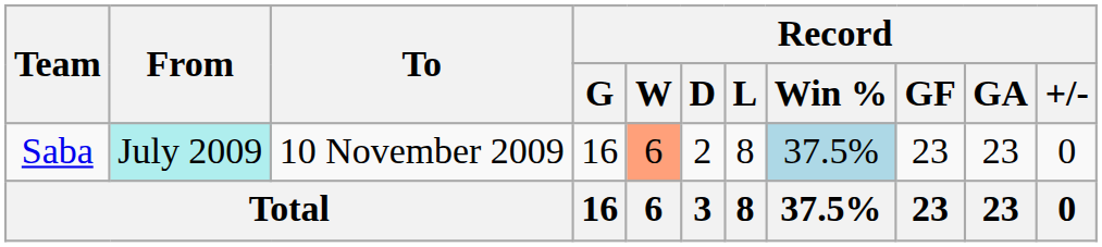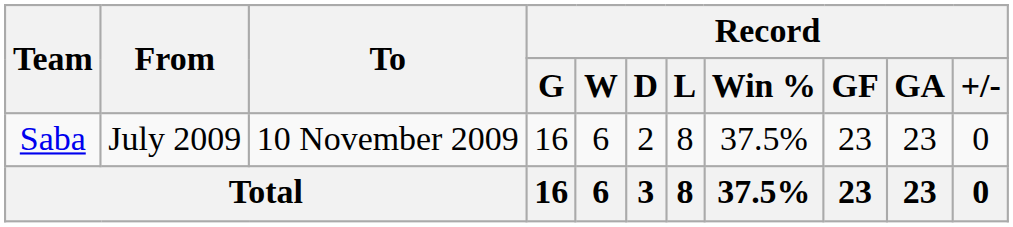 <table class="wikitable" style="text-align: center">
 <tr>
 <th rowspan="2">Team</th>
 <th rowspan="2">From</th>
 <th rowspan="2">To</th>
 <th colspan="8">Record</th>
 </tr>
 <tr>
 <th>G</th>
 <th>W</th>
 <th>D</th>
 <th>L</th>
 <th>Win %</th>
 <th>GF</th>
 <th>GA</th>
 <th>+/-</th>
 </tr>
 <tr>
 <td><a href='#'>Saba</a></td>
-<td align="left" style="background: paleturquoise;">July 2009</td>
+<td align="left">July 2009</td>
 <td align="left">10 November 2009</td>
 <td>16</td>
-<td style="background: lightsalmon;">6</td>
+<td>6</td>
 <td>2</td>
 <td>8</td>
-<td style="background: lightblue;">37.5%</td>
+<td>37.5%</td>
 <td>23</td>
 <td>23</td>
 <td>0</td>
 </tr>
 <tr>
 <th colspan="3">Total</th>
 <th>16</th>
 <th>6</th>
 <th>3</th>
 <th>8</th>
 <th>37.5%</th>
 <th>23</th>
 <th>23</th>
 <th>0</th>
 </tr>
 </table>
